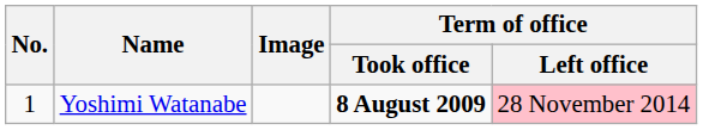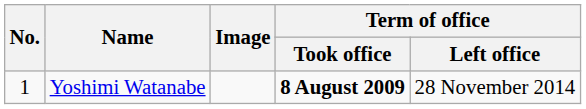 <table class="wikitable"  style="text-align:center">
 <tr>
 <th rowspan=2>No.</th>
 <th rowspan=2>Name</th>
 <th rowspan="2">Image</th>
 <th colspan=2>Term of office</th>
 </tr>
 <tr>
 <th>Took office</th>
 <th>Left office</th>
 </tr>
 <tr>
 <td>1</td>
 <td><a href='#'>Yoshimi Watanabe</a></td>
 <td></td>
 <td><strong>8 August 2009</strong></td>
-<td style="background: pink;">28 November 2014</td>
+<td>28 November 2014</td>
 </tr>
 </table>
